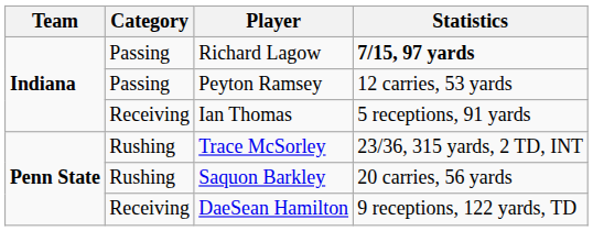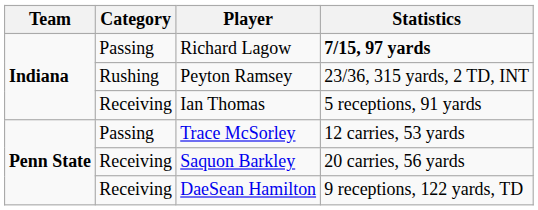 <table class="wikitable" style="float: right;">
 <tr>
 <th>Team</th>
 <th>Category</th>
 <th>Player</th>
 <th>Statistics</th>
 </tr>
 <tr>
 <td rowspan=3><strong>Indiana</strong></td>
 <td>Passing</td>
 <td>Richard Lagow</td>
 <td><strong>7/15, 97 yards</strong></td>
 </tr>
 <tr>
-<td>Passing</td>
+<td>Rushing</td>
 <td>Peyton Ramsey</td>
-<td>12 carries, 53 yards</td>
+<td>23/36, 315 yards, 2 TD, INT</td>
 </tr>
 <tr>
 <td>Receiving</td>
 <td>Ian Thomas</td>
 <td>5 receptions, 91 yards</td>
 </tr>
 <tr>
 <td rowspan=3><strong>Penn State</strong></td>
-<td>Rushing</td>
+<td>Passing</td>
 <td><a href='#'>Trace McSorley</a></td>
-<td>23/36, 315 yards, 2 TD, INT</td>
+<td>12 carries, 53 yards</td>
 </tr>
 <tr>
-<td>Rushing</td>
+<td>Receiving</td>
 <td><a href='#'>Saquon Barkley</a></td>
 <td>20 carries, 56 yards</td>
 </tr>
 <tr>
 <td>Receiving</td>
 <td><a href='#'>DaeSean Hamilton</a></td>
 <td>9 receptions, 122 yards, TD</td>
 </tr>
 </table>
